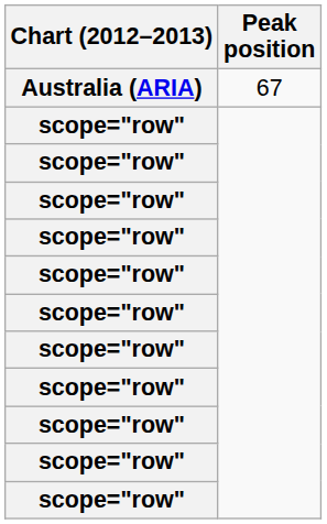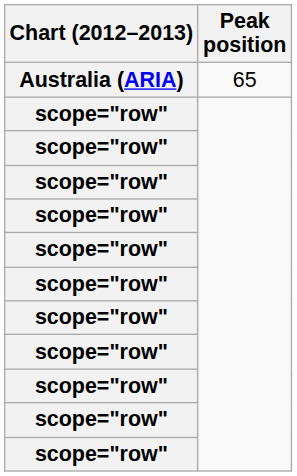 <table class="wikitable sortable plainrowheaders" style="text-align:center;">
 <tr>
 <th scope="col">Chart (2012–2013)</th>
 <th scope="col">Peak<br>position</th>
 </tr>
 <tr>
 <th scope="row">Australia (<a href='#'>ARIA</a>)</th>
-<td align="center">67</td>
+<td align="center">65</td>
 </tr>
 <tr>
 <th>scope="row"</th>
 </tr>
 <tr>
 <th>scope="row"</th>
 </tr>
 <tr>
 <th>scope="row"</th>
 </tr>
 <tr>
 <th>scope="row"</th>
 </tr>
 <tr>
 <th>scope="row"</th>
 </tr>
 <tr>
 <th>scope="row"</th>
 </tr>
 <tr>
 <th>scope="row"</th>
 </tr>
 <tr>
 <th>scope="row"</th>
 </tr>
 <tr>
 <th>scope="row"</th>
 </tr>
 <tr>
 <th>scope="row"</th>
 </tr>
 <tr>
 <th>scope="row"</th>
 </tr>
 </table>
